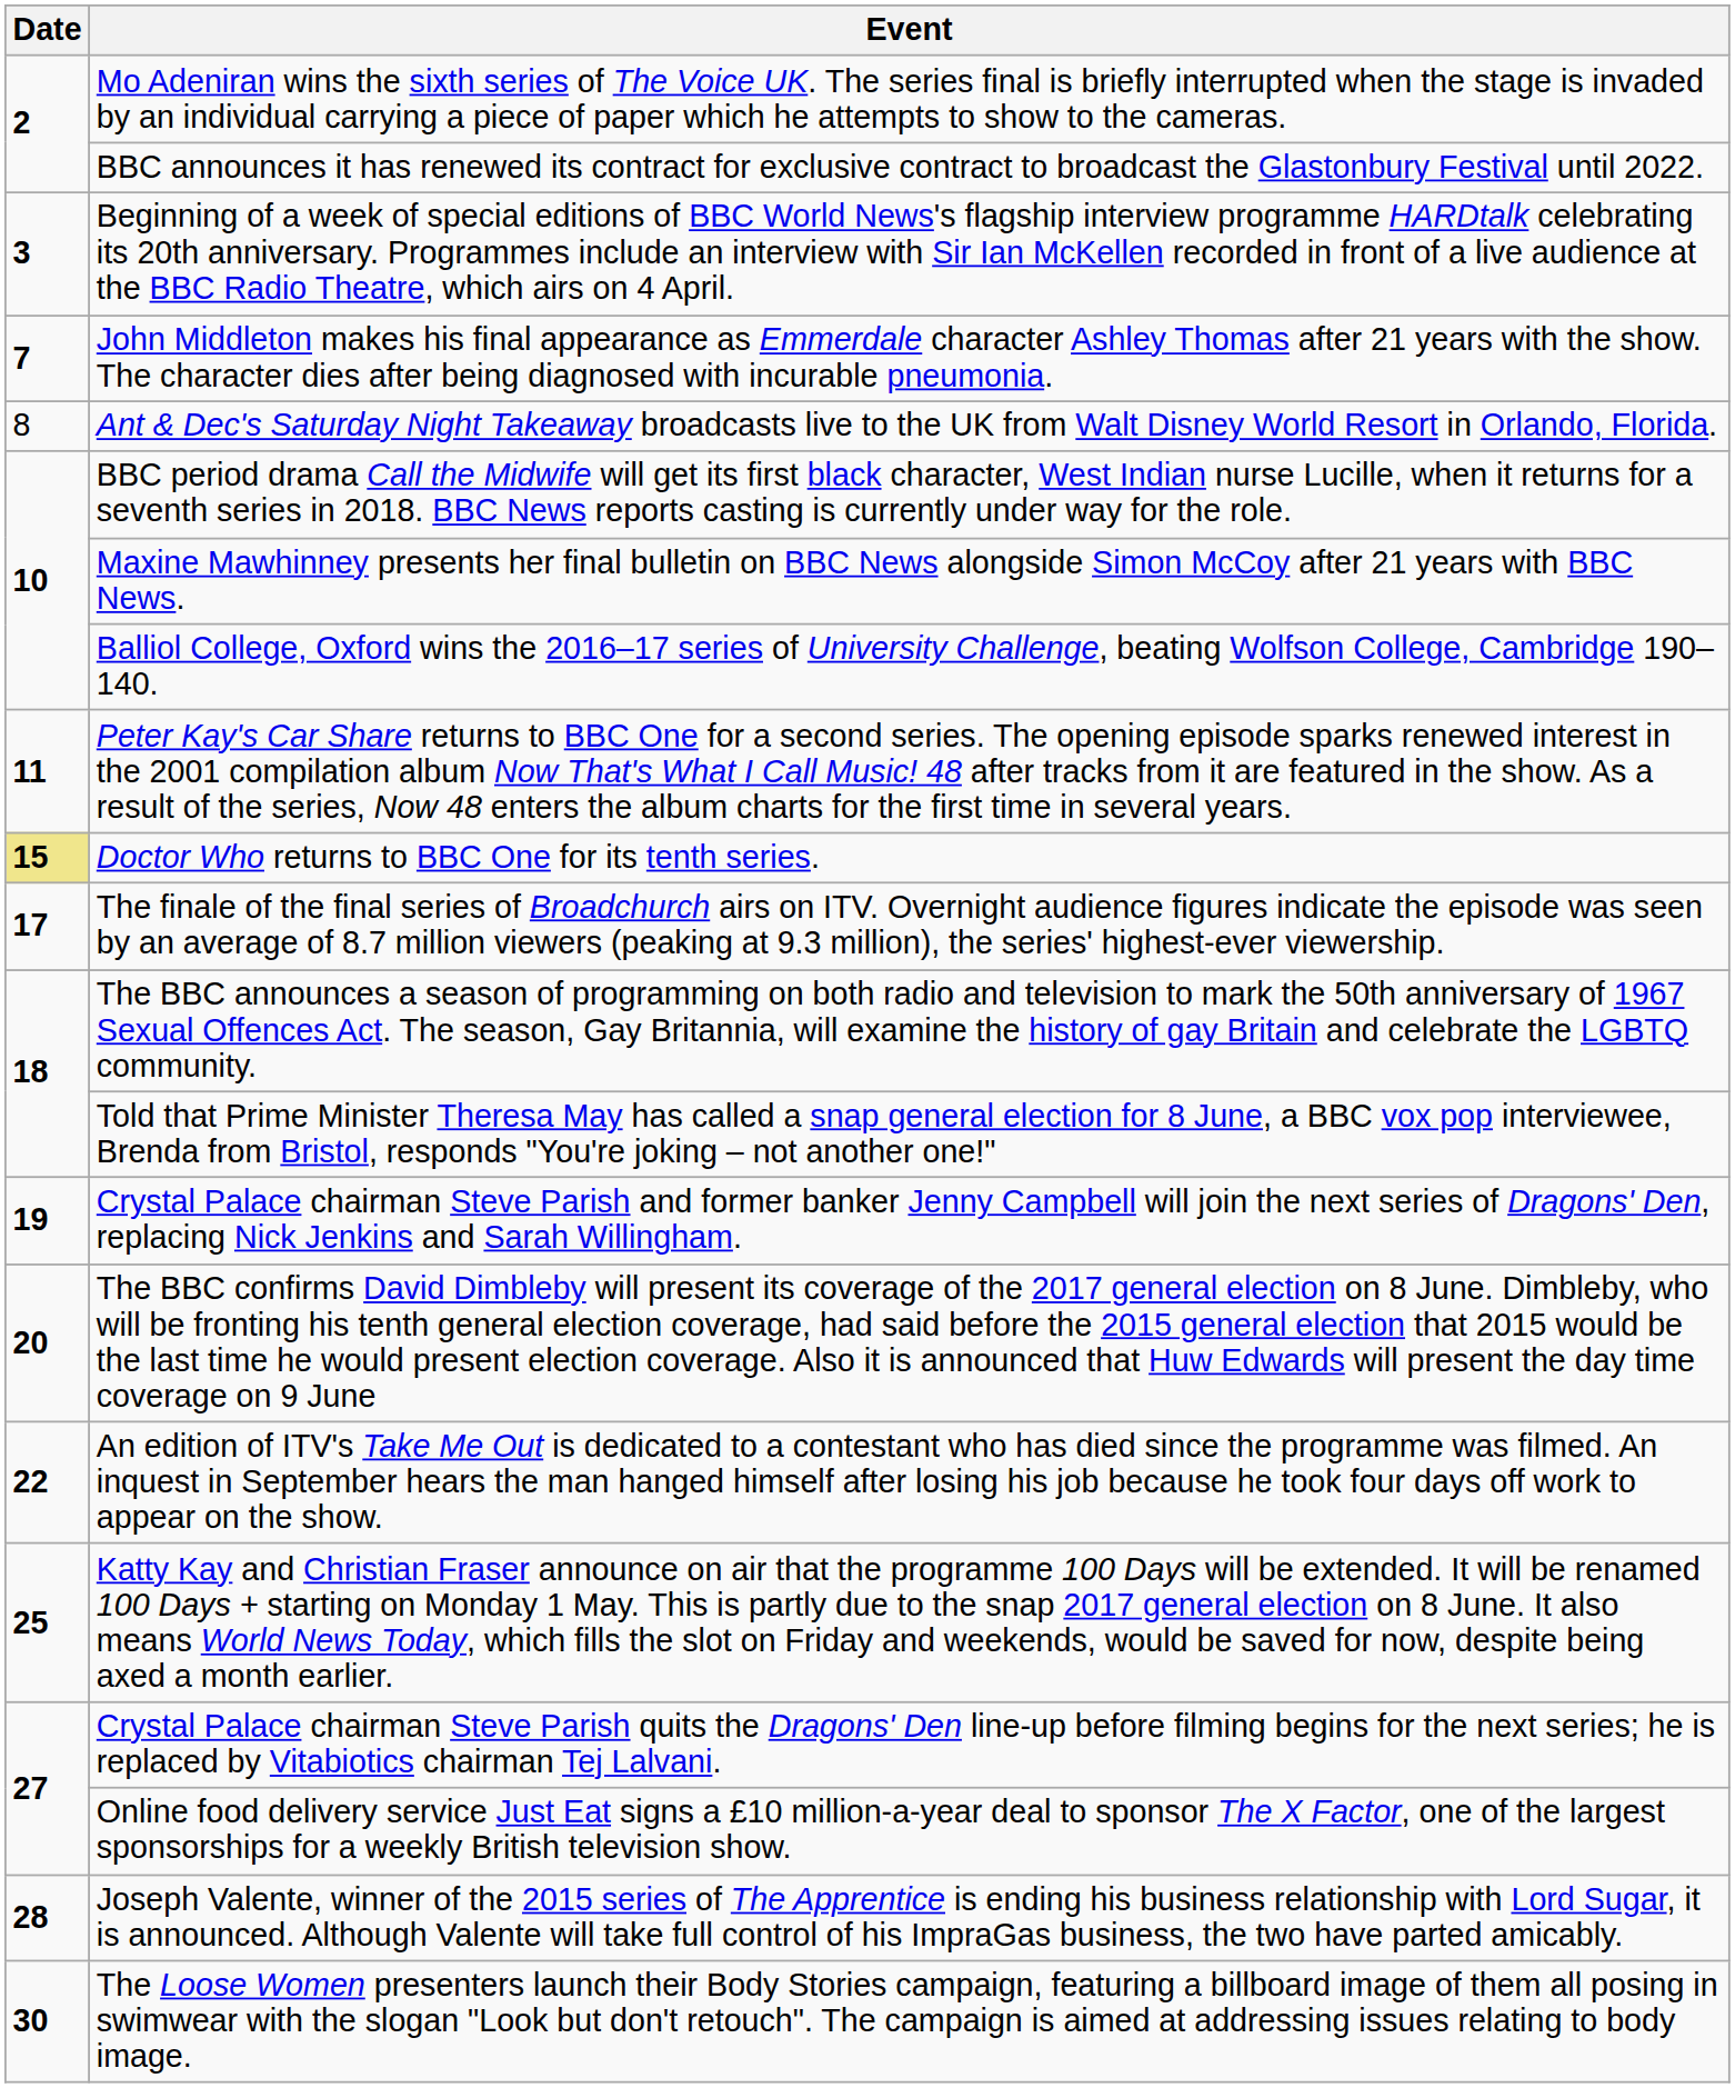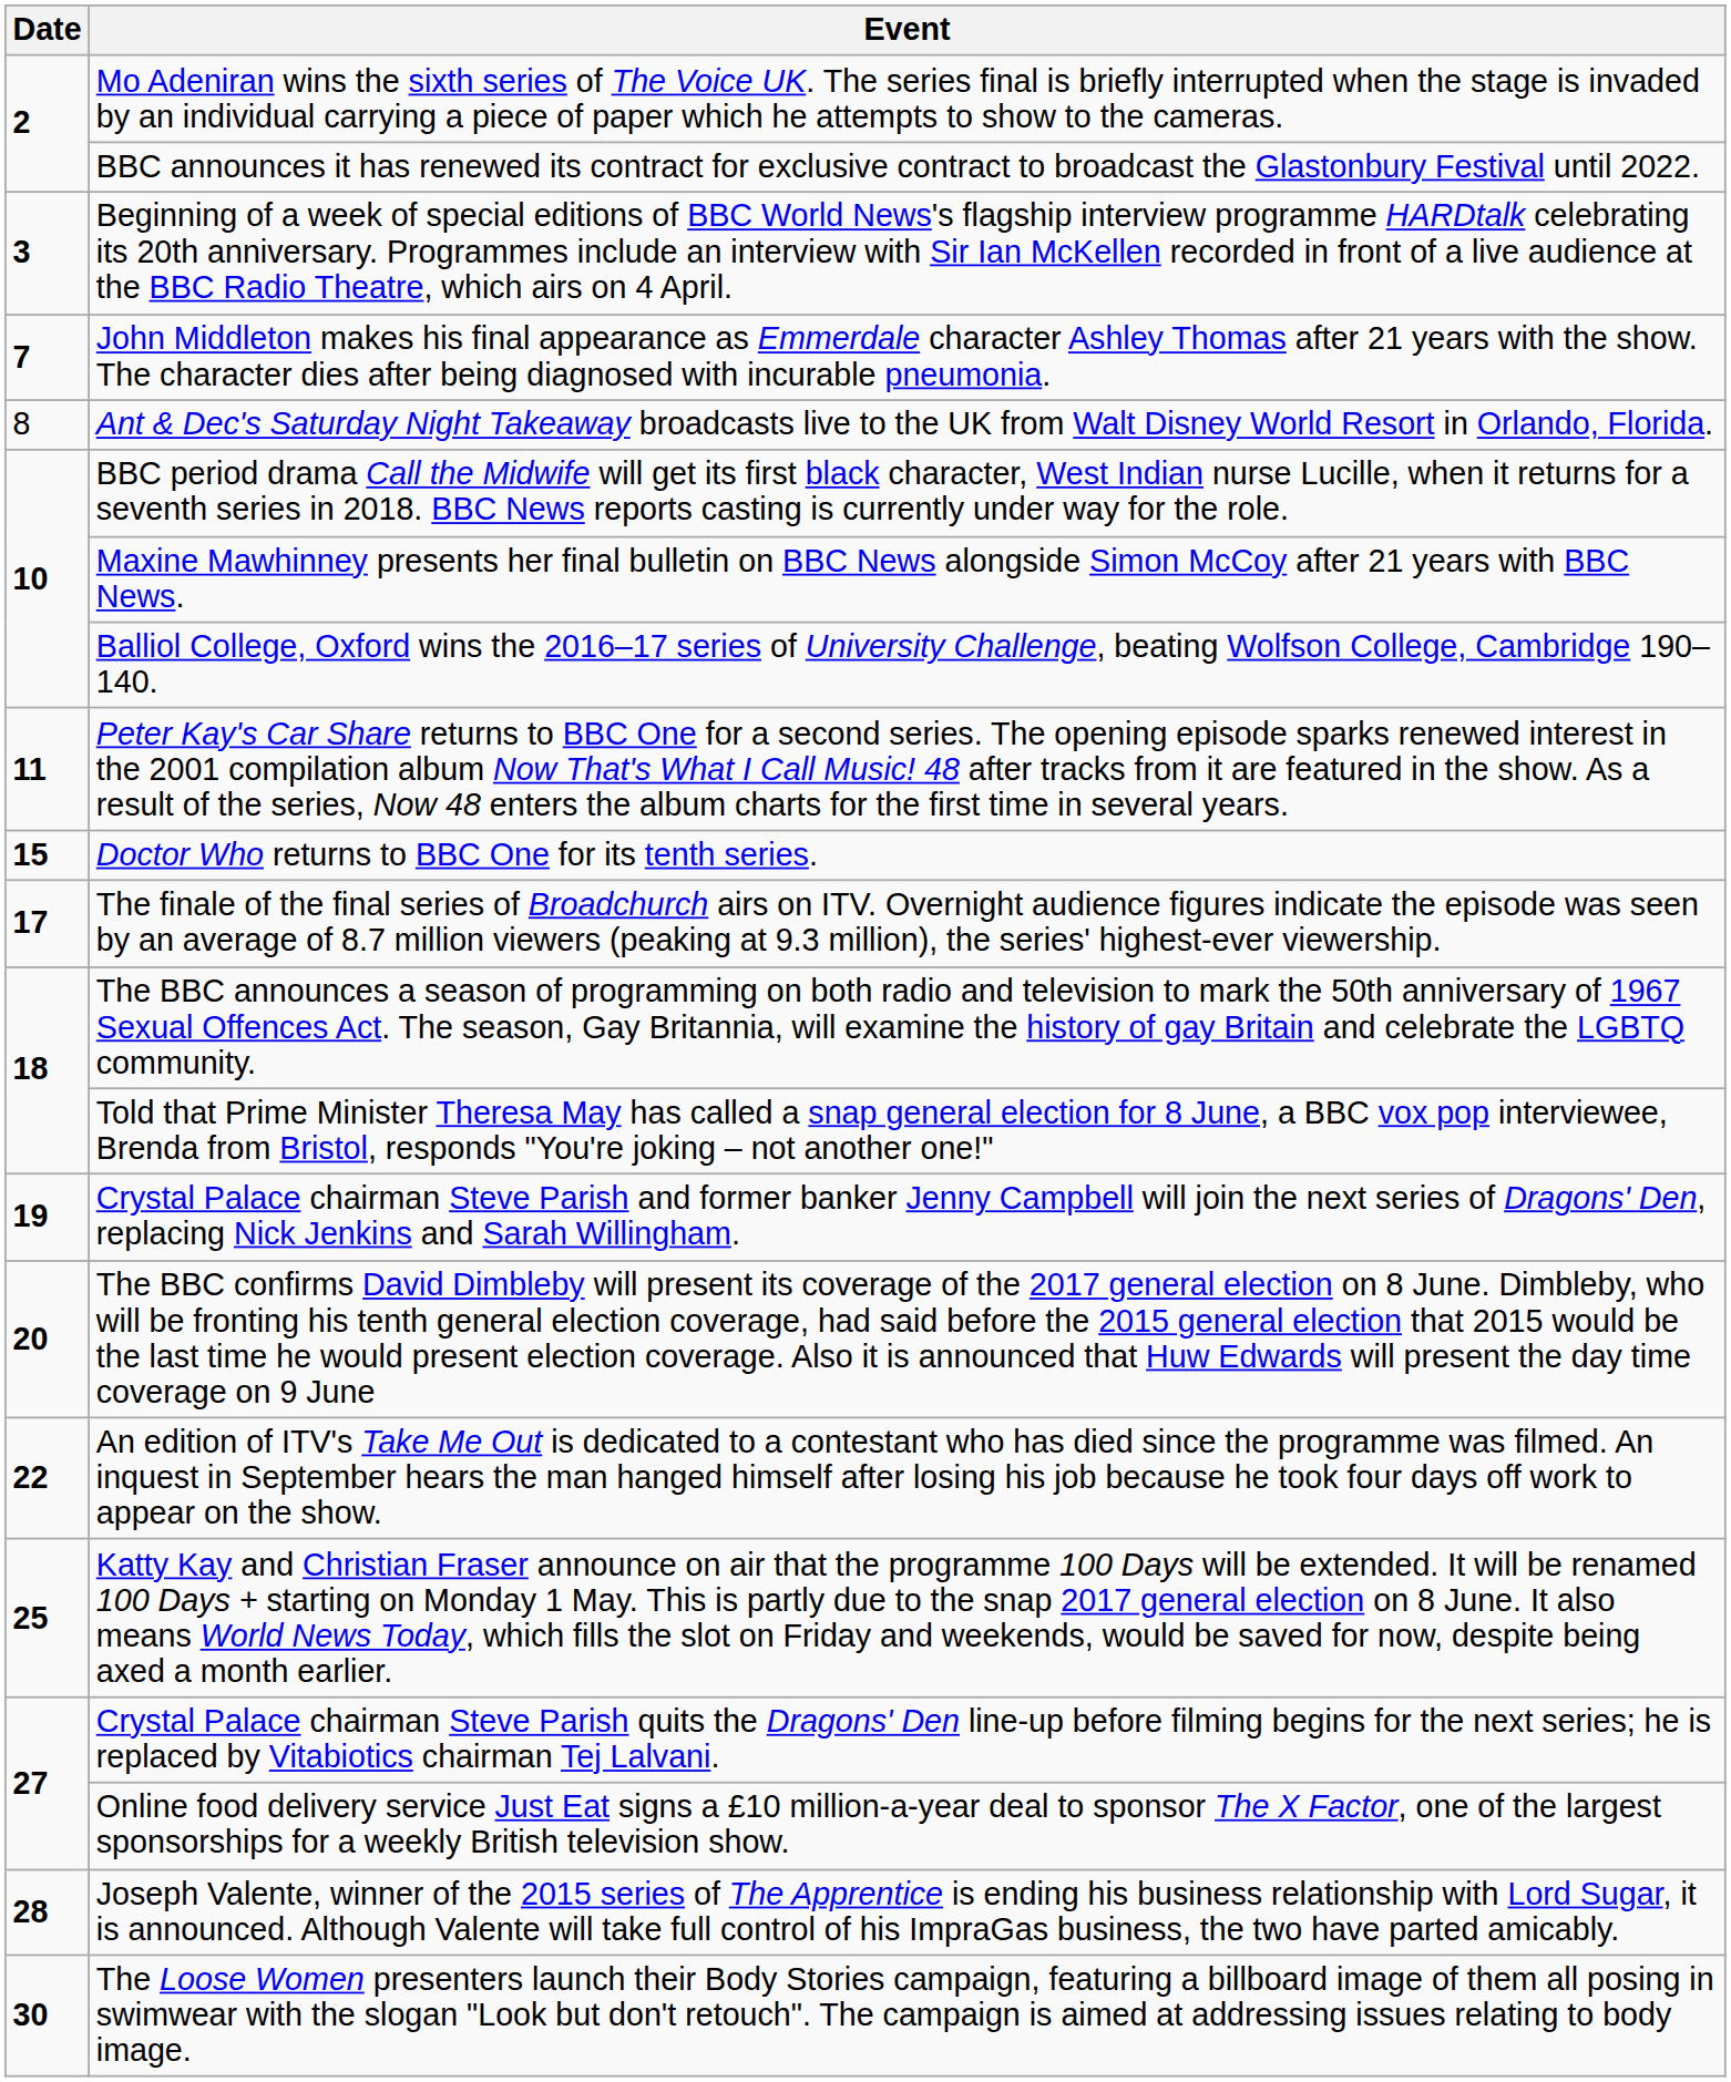 <table class="wikitable">
 <tr>
 <th>Date</th>
 <th>Event</th>
 </tr>
 <tr>
 <td rowspan=2><strong>2</strong></td>
 <td><a href='#'>Mo Adeniran</a> wins the <a href='#'>sixth series</a> of <em><a href='#'>The Voice UK</a></em>. The series final is briefly interrupted when the stage is invaded by an individual carrying a piece of paper which he attempts to show to the cameras.</td>
 </tr>
 <tr>
 <td>BBC announces it has renewed its contract for exclusive contract to broadcast the <a href='#'>Glastonbury Festival</a> until 2022.</td>
 </tr>
 <tr>
 <td><strong>3</strong></td>
 <td>Beginning of a week of special editions of <a href='#'>BBC World News</a>'s flagship interview programme <em><a href='#'>HARDtalk</a></em> celebrating its 20th anniversary. Programmes include an interview with <a href='#'>Sir Ian McKellen</a> recorded in front of a live audience at the <a href='#'>BBC Radio Theatre</a>, which airs on 4 April.</td>
 </tr>
 <tr>
 <td><strong>7</strong></td>
 <td><a href='#'>John Middleton</a> makes his final appearance as <em><a href='#'>Emmerdale</a></em> character <a href='#'>Ashley Thomas</a> after 21 years with the show. The character dies after being diagnosed with incurable <a href='#'>pneumonia</a>.</td>
 </tr>
 <tr>
 <td>8</td>
 <td><em><a href='#'>Ant & Dec's Saturday Night Takeaway</a></em> broadcasts live to the UK from <a href='#'>Walt Disney World Resort</a> in <a href='#'>Orlando, Florida</a>.</td>
 </tr>
 <tr>
 <td rowspan=3><strong>10</strong></td>
 <td>BBC period drama <em><a href='#'>Call the Midwife</a></em> will get its first <a href='#'>black</a> character, <a href='#'>West Indian</a> nurse Lucille, when it returns for a seventh series in 2018. <a href='#'>BBC News</a> reports casting is currently under way for the role.</td>
 </tr>
 <tr>
 <td><a href='#'>Maxine Mawhinney</a> presents her final bulletin on <a href='#'>BBC News</a> alongside <a href='#'>Simon McCoy</a> after 21 years with <a href='#'>BBC News</a>.</td>
 </tr>
 <tr>
 <td><a href='#'>Balliol College, Oxford</a> wins the <a href='#'>2016–17 series</a> of <em><a href='#'>University Challenge</a></em>, beating <a href='#'>Wolfson College, Cambridge</a> 190–140.</td>
 </tr>
 <tr>
 <td><strong>11</strong></td>
 <td><em><a href='#'>Peter Kay's Car Share</a></em> returns to <a href='#'>BBC One</a> for a second series. The opening episode sparks renewed interest in the 2001 compilation album <em><a href='#'>Now That's What I Call Music! 48</a></em> after tracks from it are featured in the show. As a result of the series, <em>Now 48</em> enters the album charts for the first time in several years.</td>
 </tr>
 <tr>
-<td style="background: khaki;"><strong>15</strong></td>
+<td><strong>15</strong></td>
 <td><em><a href='#'>Doctor Who</a></em> returns to <a href='#'>BBC One</a> for its <a href='#'>tenth series</a>.</td>
 </tr>
 <tr>
 <td><strong>17</strong></td>
 <td>The finale of the final series of <em><a href='#'>Broadchurch</a></em> airs on ITV. Overnight audience figures indicate the episode was seen by an average of 8.7 million viewers (peaking at 9.3 million), the series' highest-ever viewership.</td>
 </tr>
 <tr>
 <td rowspan=2><strong>18</strong></td>
 <td>The BBC announces a season of programming on both radio and television to mark the 50th anniversary of <a href='#'>1967 Sexual Offences Act</a>. The season, Gay Britannia, will examine the <a href='#'>history of gay Britain</a> and celebrate the <a href='#'>LGBTQ</a> community.</td>
 </tr>
 <tr>
 <td>Told that Prime Minister <a href='#'>Theresa May</a> has called a <a href='#'>snap general election for 8 June</a>, a BBC <a href='#'>vox pop</a> interviewee, Brenda from <a href='#'>Bristol</a>, responds "You're joking – not another one!"</td>
 </tr>
 <tr>
 <td><strong>19</strong></td>
 <td><a href='#'>Crystal Palace</a> chairman <a href='#'>Steve Parish</a> and former banker <a href='#'>Jenny Campbell</a> will join the next series of <em><a href='#'>Dragons' Den</a></em>, replacing <a href='#'>Nick Jenkins</a> and <a href='#'>Sarah Willingham</a>.</td>
 </tr>
 <tr>
 <td><strong>20</strong></td>
 <td>The BBC confirms <a href='#'>David Dimbleby</a> will present its coverage of the <a href='#'>2017 general election</a> on 8 June. Dimbleby, who will be fronting his tenth general election coverage, had said before the <a href='#'>2015 general election</a> that 2015 would be the last time he would present election coverage. Also it is announced that <a href='#'>Huw Edwards</a> will present the day time coverage on 9 June</td>
 </tr>
 <tr>
 <td><strong>22</strong></td>
 <td>An edition of ITV's <em><a href='#'>Take Me Out</a></em> is dedicated to a contestant who has died since the programme was filmed. An inquest in September hears the man hanged himself after losing his job because he took four days off work to appear on the show.</td>
 </tr>
 <tr>
 <td><strong>25</strong></td>
 <td><a href='#'>Katty Kay</a> and <a href='#'>Christian Fraser</a> announce on air that the programme <em>100 Days</em> will be extended. It will be renamed <em>100 Days +</em> starting on Monday 1 May. This is partly due to the snap <a href='#'>2017 general election</a> on 8 June. It also means <em><a href='#'>World News Today</a></em>, which fills the slot on Friday and weekends, would be saved for now, despite being axed a month earlier.</td>
 </tr>
 <tr>
 <td rowspan=2><strong>27</strong></td>
 <td><a href='#'>Crystal Palace</a> chairman <a href='#'>Steve Parish</a> quits the <em><a href='#'>Dragons' Den</a></em> line-up before filming begins for the next series; he is replaced by <a href='#'>Vitabiotics</a> chairman <a href='#'>Tej Lalvani</a>.</td>
 </tr>
 <tr>
 <td>Online food delivery service <a href='#'>Just Eat</a> signs a £10 million-a-year deal to sponsor <em><a href='#'>The X Factor</a></em>, one of the largest sponsorships for a weekly British television show.</td>
 </tr>
 <tr>
 <td><strong>28</strong></td>
 <td>Joseph Valente, winner of the <a href='#'>2015 series</a> of <em><a href='#'>The Apprentice</a></em> is ending his business relationship with <a href='#'>Lord Sugar</a>, it is announced. Although Valente will take full control of his ImpraGas business, the two have parted amicably.</td>
 </tr>
 <tr>
 <td><strong>30</strong></td>
 <td>The <em><a href='#'>Loose Women</a></em> presenters launch their Body Stories campaign, featuring a billboard image of them all posing in swimwear with the slogan "Look but don't retouch". The campaign is aimed at addressing issues relating to body image.</td>
 </tr>
 </table>
